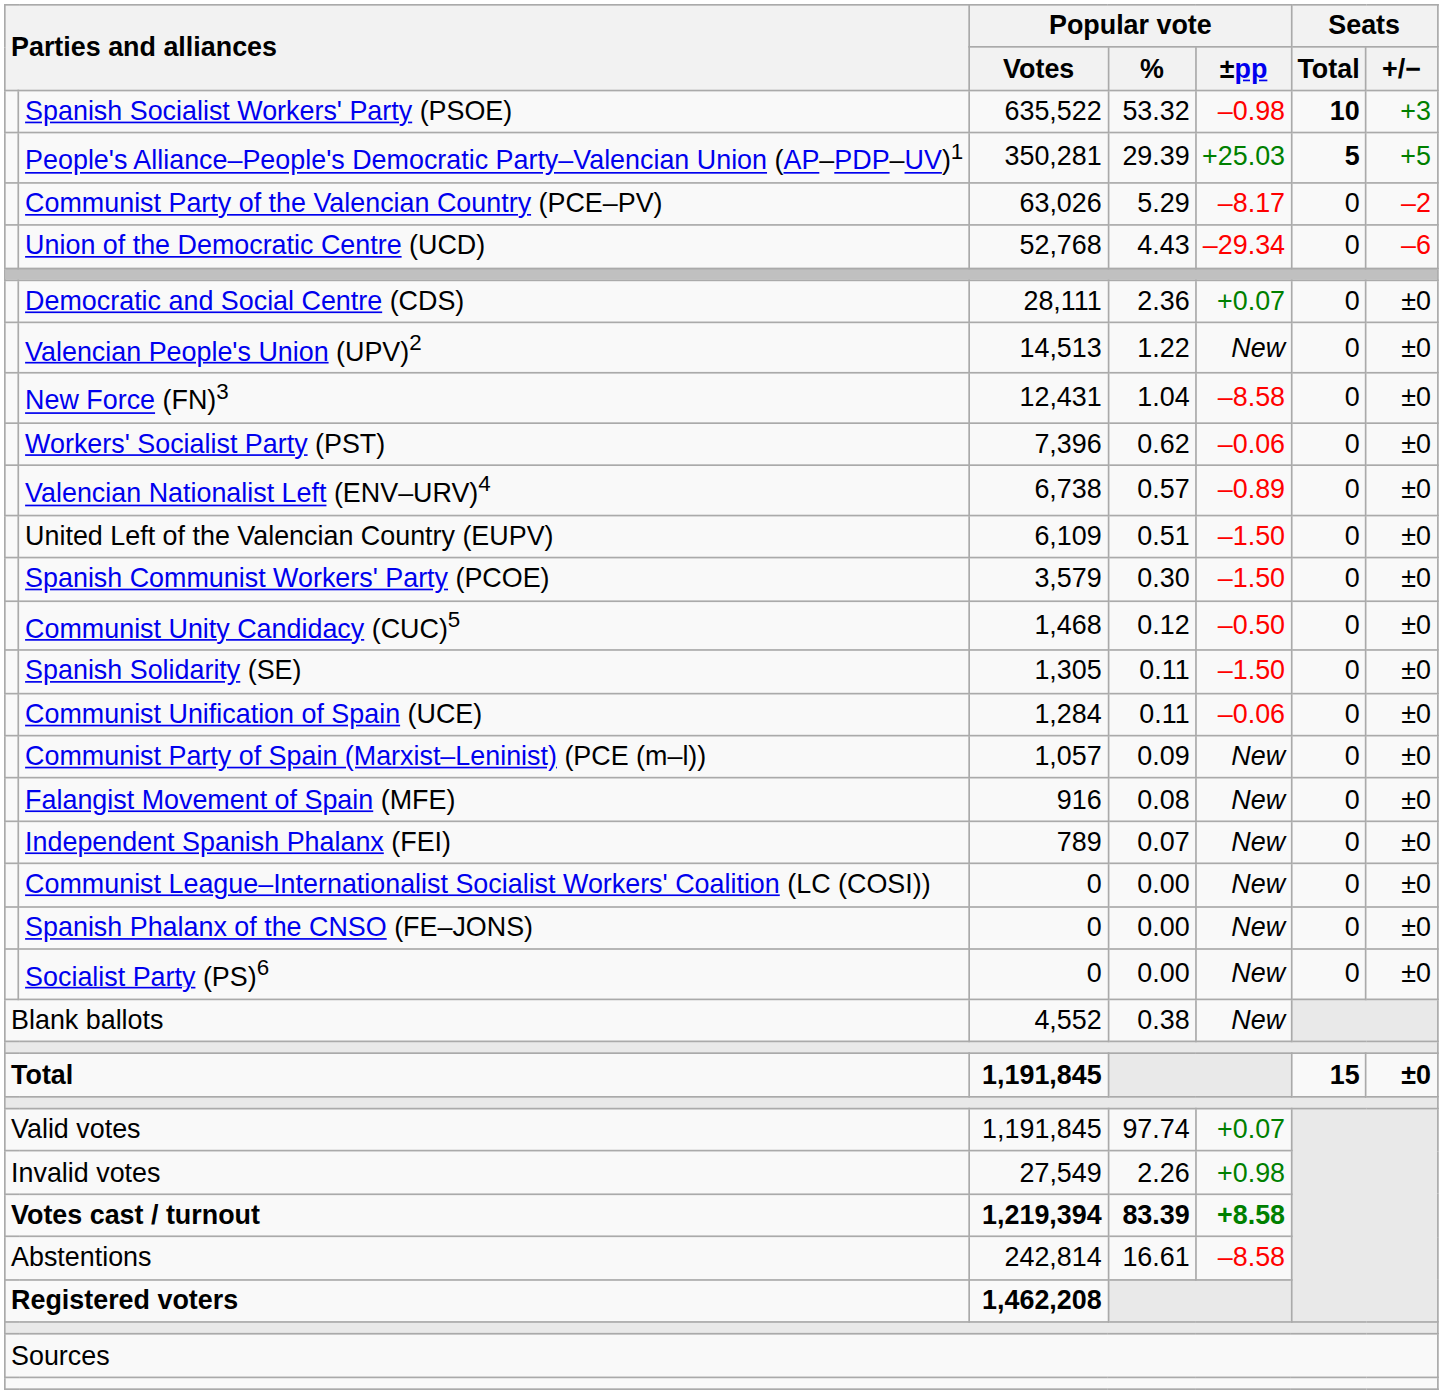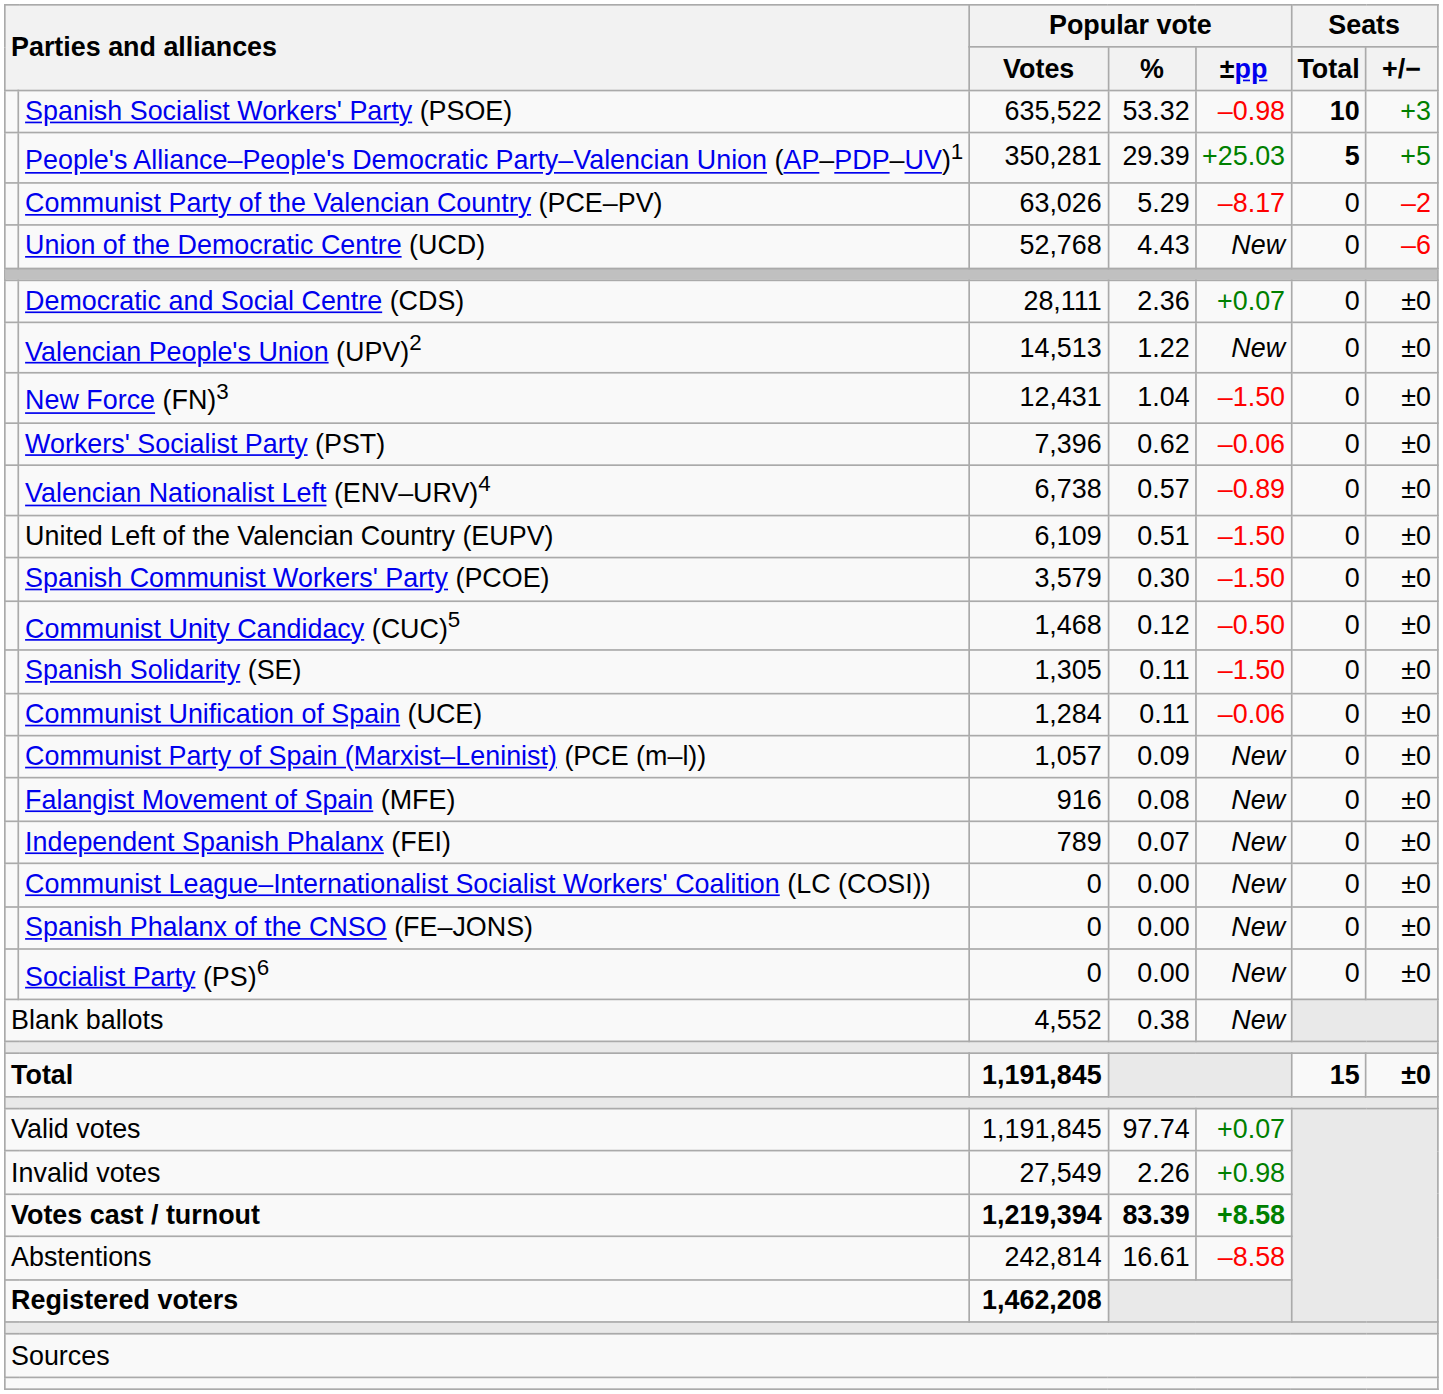 <table class="wikitable" style="text-align:right;">
 <tr>
 <th style="text-align:left;" rowspan="2" colspan="2" width="525">Parties and alliances</th>
 <th colspan="3">Popular vote</th>
 <th colspan="2">Seats</th>
 </tr>
 <tr>
 <th width="75">Votes</th>
 <th width="45">%</th>
 <th width="45">±<a href='#'>pp</a></th>
 <th width="35">Total</th>
 <th width="35">+/−</th>
 </tr>
 <tr>
 <td width="1" style="color:inherit;background:"></td>
 <td align="left"><a href='#'>Spanish Socialist Workers' Party</a> (PSOE)</td>
 <td>635,522</td>
 <td>53.32</td>
 <td style="color:red;">–0.98</td>
 <td><strong>10</strong></td>
 <td style="color:green;">+3</td>
 </tr>
 <tr>
 <td style="color:inherit;background:"></td>
 <td align="left"><a href='#'>People's Alliance–People's Democratic Party–Valencian Union</a> (<a href='#'>AP</a>–<a href='#'>PDP</a>–<a href='#'>UV</a>)<sup>1</sup></td>
 <td>350,281</td>
 <td>29.39</td>
 <td style="color:green;">+25.03</td>
 <td><strong>5</strong></td>
 <td style="color:green;">+5</td>
 </tr>
 <tr>
 <td style="color:inherit;background:"></td>
 <td align="left"><a href='#'>Communist Party of the Valencian Country</a> (PCE–PV)</td>
 <td>63,026</td>
 <td>5.29</td>
 <td style="color:red;">–8.17</td>
 <td>0</td>
 <td style="color:red;">–2</td>
 </tr>
 <tr>
 <td style="color:inherit;background:"></td>
 <td align="left"><a href='#'>Union of the Democratic Centre</a> (UCD)</td>
 <td>52,768</td>
 <td>4.43</td>
-<td style="color:red;">–29.34</td>
+<td><em>New</em></td>
 <td>0</td>
 <td style="color:red;">–6</td>
 </tr>
 <tr>
 <td colspan="7" bgcolor="#C0C0C0"></td>
 </tr>
 <tr>
 <td style="color:inherit;background:"></td>
 <td align="left"><a href='#'>Democratic and Social Centre</a> (CDS)</td>
 <td>28,111</td>
 <td>2.36</td>
 <td style="color:green;">+0.07</td>
 <td>0</td>
 <td>±0</td>
 </tr>
 <tr>
 <td style="color:inherit;background:"></td>
 <td align="left"><a href='#'>Valencian People's Union</a> (UPV)<sup>2</sup></td>
 <td>14,513</td>
 <td>1.22</td>
 <td><em>New</em></td>
 <td>0</td>
 <td>±0</td>
 </tr>
 <tr>
 <td style="color:inherit;background:"></td>
 <td align="left"><a href='#'>New Force</a> (FN)<sup>3</sup></td>
 <td>12,431</td>
 <td>1.04</td>
-<td style="color:red;">–8.58</td>
+<td style="color:red;">–1.50</td>
 <td>0</td>
 <td>±0</td>
 </tr>
 <tr>
 <td style="color:inherit;background:"></td>
 <td align="left"><a href='#'>Workers' Socialist Party</a> (PST)</td>
 <td>7,396</td>
 <td>0.62</td>
 <td style="color:red;">–0.06</td>
 <td>0</td>
 <td>±0</td>
 </tr>
 <tr>
 <td style="color:inherit;background:"></td>
 <td align="left"><a href='#'>Valencian Nationalist Left</a> (ENV–URV)<sup>4</sup></td>
 <td>6,738</td>
 <td>0.57</td>
 <td style="color:red;">–0.89</td>
 <td>0</td>
 <td>±0</td>
 </tr>
 <tr>
 <td style="color:inherit;background:"></td>
 <td align="left">United Left of the Valencian Country (EUPV)</td>
 <td>6,109</td>
 <td>0.51</td>
 <td style="color:red;">–1.50</td>
 <td>0</td>
 <td>±0</td>
 </tr>
 <tr>
 <td style="color:inherit;background:"></td>
 <td align="left"><a href='#'>Spanish Communist Workers' Party</a> (PCOE)</td>
 <td>3,579</td>
 <td>0.30</td>
 <td style="color:red;">–1.50</td>
 <td>0</td>
 <td>±0</td>
 </tr>
 <tr>
 <td style="color:inherit;background:"></td>
 <td align="left"><a href='#'>Communist Unity Candidacy</a> (CUC)<sup>5</sup></td>
 <td>1,468</td>
 <td>0.12</td>
 <td style="color:red;">–0.50</td>
 <td>0</td>
 <td>±0</td>
 </tr>
 <tr>
 <td style="color:inherit;background:"></td>
 <td align="left"><a href='#'>Spanish Solidarity</a> (SE)</td>
 <td>1,305</td>
 <td>0.11</td>
 <td style="color:red;">–1.50</td>
 <td>0</td>
 <td>±0</td>
 </tr>
 <tr>
 <td style="color:inherit;background:"></td>
 <td align="left"><a href='#'>Communist Unification of Spain</a> (UCE)</td>
 <td>1,284</td>
 <td>0.11</td>
 <td style="color:red;">–0.06</td>
 <td>0</td>
 <td>±0</td>
 </tr>
 <tr>
 <td style="color:inherit;background:"></td>
 <td align="left"><a href='#'>Communist Party of Spain (Marxist–Leninist)</a> (PCE (m–l))</td>
 <td>1,057</td>
 <td>0.09</td>
 <td><em>New</em></td>
 <td>0</td>
 <td>±0</td>
 </tr>
 <tr>
 <td style="color:inherit;background:"></td>
 <td align="left"><a href='#'>Falangist Movement of Spain</a> (MFE)</td>
 <td>916</td>
 <td>0.08</td>
 <td><em>New</em></td>
 <td>0</td>
 <td>±0</td>
 </tr>
 <tr>
 <td style="color:inherit;background:"></td>
 <td align="left"><a href='#'>Independent Spanish Phalanx</a> (FEI)</td>
 <td>789</td>
 <td>0.07</td>
 <td><em>New</em></td>
 <td>0</td>
 <td>±0</td>
 </tr>
 <tr>
 <td style="color:inherit;background:"></td>
 <td align="left"><a href='#'>Communist League–Internationalist Socialist Workers' Coalition</a> (LC (COSI))</td>
 <td>0</td>
 <td>0.00</td>
 <td><em>New</em></td>
 <td>0</td>
 <td>±0</td>
 </tr>
 <tr>
 <td style="color:inherit;background:"></td>
 <td align="left"><a href='#'>Spanish Phalanx of the CNSO</a> (FE–JONS)</td>
 <td>0</td>
 <td>0.00</td>
 <td><em>New</em></td>
 <td>0</td>
 <td>±0</td>
 </tr>
 <tr>
 <td style="color:inherit;background:"></td>
 <td align="left"><a href='#'>Socialist Party</a> (PS)<sup>6</sup></td>
 <td>0</td>
 <td>0.00</td>
 <td><em>New</em></td>
 <td>0</td>
 <td>±0</td>
 </tr>
 <tr>
 <td align="left" colspan="2">Blank ballots</td>
 <td>4,552</td>
 <td>0.38</td>
 <td><em>New</em></td>
 <td bgcolor="#E9E9E9" colspan="2"></td>
 </tr>
 <tr>
 <td colspan="7" bgcolor="#E9E9E9"></td>
 </tr>
 <tr style="font-weight:bold;">
 <td align="left" colspan="2">Total</td>
 <td>1,191,845</td>
 <td bgcolor="#E9E9E9" colspan="2"></td>
 <td>15</td>
 <td>±0</td>
 </tr>
 <tr>
 <td colspan="7" bgcolor="#E9E9E9"></td>
 </tr>
 <tr>
 <td align="left" colspan="2">Valid votes</td>
 <td>1,191,845</td>
 <td>97.74</td>
 <td style="color:green;">+0.07</td>
 <td bgcolor="#E9E9E9" colspan="2" rowspan="5"></td>
 </tr>
 <tr>
 <td align="left" colspan="2">Invalid votes</td>
 <td>27,549</td>
 <td>2.26</td>
 <td style="color:green;">+0.98</td>
 </tr>
 <tr style="font-weight:bold;">
 <td align="left" colspan="2">Votes cast / turnout</td>
 <td>1,219,394</td>
 <td>83.39</td>
 <td style="color:green;">+8.58</td>
 </tr>
 <tr>
 <td align="left" colspan="2">Abstentions</td>
 <td>242,814</td>
 <td>16.61</td>
 <td style="color:red;">–8.58</td>
 </tr>
 <tr style="font-weight:bold;">
 <td align="left" colspan="2">Registered voters</td>
 <td>1,462,208</td>
 <td bgcolor="#E9E9E9" colspan="2"></td>
 </tr>
 <tr>
 <td colspan="7" bgcolor="#E9E9E9"></td>
 </tr>
 <tr>
 <td align="left" colspan="7">Sources</td>
 </tr>
 <tr>
 <td colspan="7" style="text-align:left; max-width:790px;"></td>
 </tr>
 </table>
